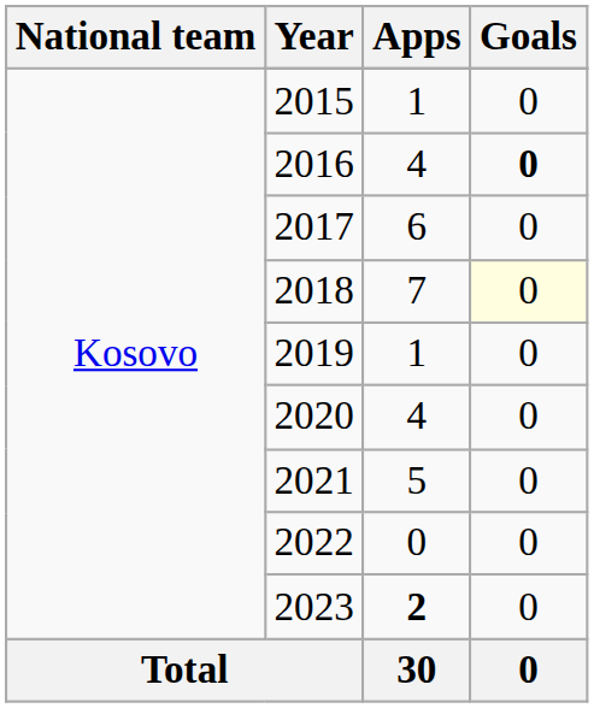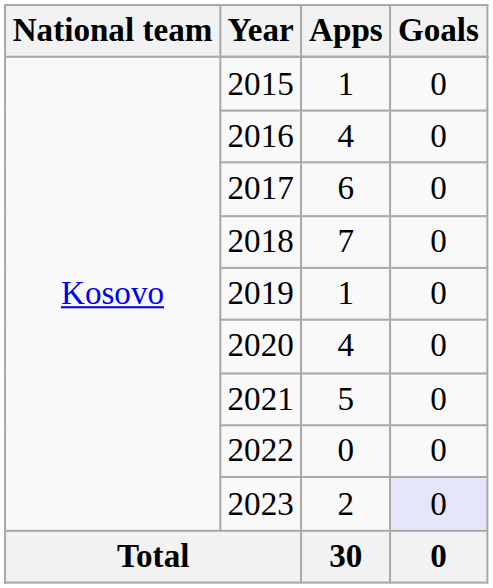 <table class="wikitable" style="text-align:center">
 <tr>
 <th>National team</th>
 <th>Year</th>
 <th>Apps</th>
 <th>Goals</th>
 </tr>
 <tr>
 <td rowspan="10"><a href='#'>Kosovo</a></td>
 </tr>
 <tr>
 <td>2015</td>
 <td>1</td>
 <td>0</td>
 </tr>
 <tr>
 <td>2016</td>
 <td>4</td>
-<td><strong>0</strong></td>
+<td>0</td>
 </tr>
 <tr>
 <td>2017</td>
 <td>6</td>
 <td>0</td>
 </tr>
 <tr>
 <td>2018</td>
 <td>7</td>
-<td style="background: lightyellow;">0</td>
+<td>0</td>
 </tr>
 <tr>
 <td>2019</td>
 <td>1</td>
 <td>0</td>
 </tr>
 <tr>
 <td>2020</td>
 <td>4</td>
 <td>0</td>
 </tr>
 <tr>
 <td>2021</td>
 <td>5</td>
 <td>0</td>
 </tr>
 <tr>
 <td>2022</td>
 <td>0</td>
 <td>0</td>
 </tr>
 <tr>
 <td>2023</td>
-<td><strong>2</strong></td>
-<td>0</td>
+<td>2</td>
+<td style="background: lavender;">0</td>
 </tr>
 <tr>
 <th colspan="2">Total</th>
 <th>30</th>
 <th>0</th>
 </tr>
 </table>
